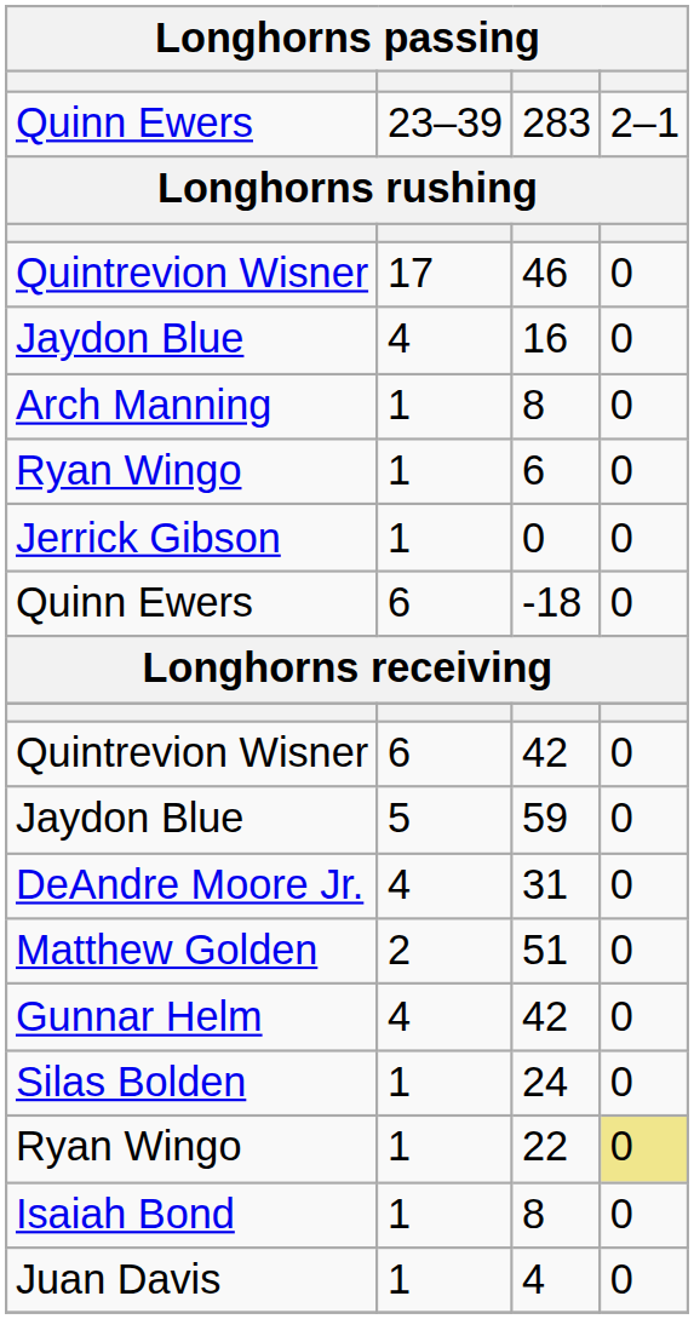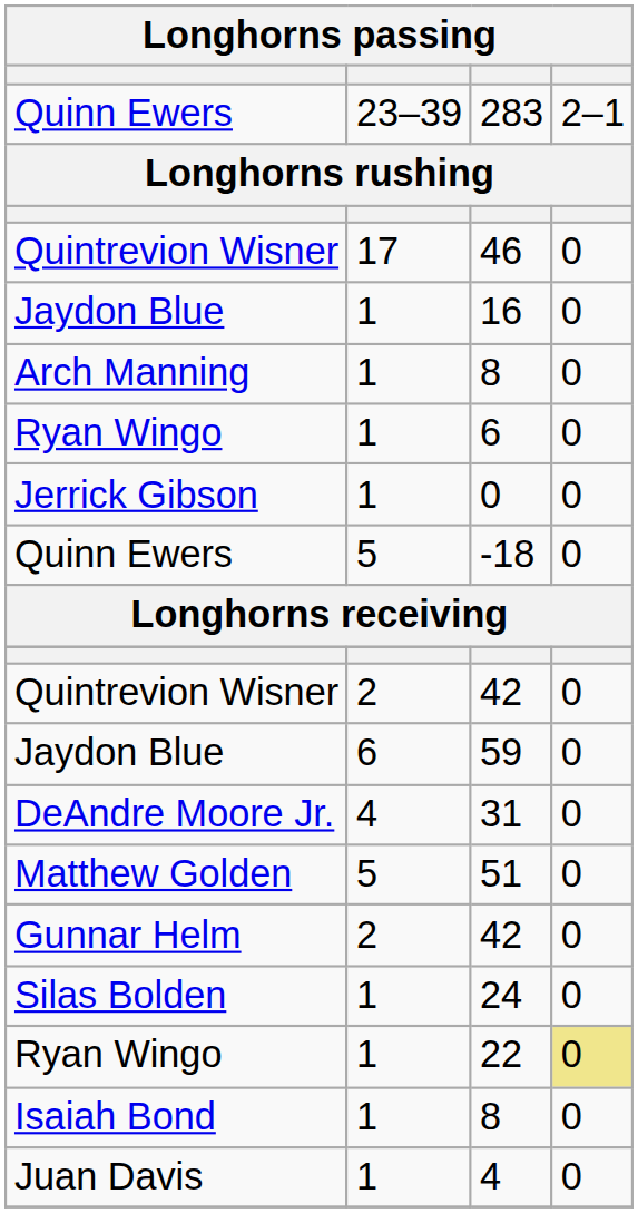 <table class="wikitable plainrowheaders">
 <tr>
 <th colspan="6">Longhorns passing</th>
 </tr>
 <tr>
 <th scope="col"></th>
 <th scope="col"></th>
 <th scope="col"></th>
 <th scope="col"></th>
 </tr>
 <tr>
 <td><a href='#'>Quinn Ewers</a></td>
 <td>23–39</td>
 <td>283</td>
 <td>2–1</td>
 </tr>
 <tr>
 <th colspan="6">Longhorns rushing</th>
 </tr>
 <tr>
 <th scope="col"></th>
 <th scope="col"></th>
 <th scope="col"></th>
 <th scope="col"></th>
 </tr>
 <tr>
 <td><a href='#'>Quintrevion Wisner</a></td>
 <td>17</td>
 <td>46</td>
 <td>0</td>
 </tr>
 <tr>
 <td><a href='#'>Jaydon Blue</a></td>
-<td>4</td>
+<td>1</td>
 <td>16</td>
 <td>0</td>
 </tr>
 <tr>
 <td><a href='#'>Arch Manning</a></td>
 <td>1</td>
 <td>8</td>
 <td>0</td>
 </tr>
 <tr>
 <td><a href='#'>Ryan Wingo</a></td>
 <td>1</td>
 <td>6</td>
 <td>0</td>
 </tr>
 <tr>
 <td><a href='#'>Jerrick Gibson</a></td>
 <td>1</td>
 <td>0</td>
 <td>0</td>
 </tr>
 <tr>
 <td>Quinn Ewers</td>
-<td>6</td>
+<td>5</td>
 <td>-18</td>
 <td>0</td>
 </tr>
 <tr>
 <th colspan="6">Longhorns receiving</th>
 </tr>
 <tr>
 </tr>
 <tr>
 <th scope="col"></th>
 <th scope="col"></th>
 <th scope="col"></th>
 <th scope="col"></th>
 </tr>
 <tr>
 <td>Quintrevion Wisner</td>
-<td>6</td>
+<td>2</td>
 <td>42</td>
 <td>0</td>
 </tr>
 <tr>
 <td>Jaydon Blue</td>
-<td>5</td>
+<td>6</td>
 <td>59</td>
 <td>0</td>
 </tr>
 <tr>
 <td><a href='#'>DeAndre Moore Jr.</a></td>
 <td>4</td>
 <td>31</td>
 <td>0</td>
 </tr>
 <tr>
 <td><a href='#'>Matthew Golden</a></td>
-<td>2</td>
+<td>5</td>
 <td>51</td>
 <td>0</td>
 </tr>
 <tr>
 <td><a href='#'>Gunnar Helm</a></td>
-<td>4</td>
+<td>2</td>
 <td>42</td>
 <td>0</td>
 </tr>
 <tr>
 <td><a href='#'>Silas Bolden</a></td>
 <td>1</td>
 <td>24</td>
 <td>0</td>
 </tr>
 <tr>
 <td>Ryan Wingo</td>
 <td>1</td>
 <td>22</td>
 <td style="background: khaki;">0</td>
 </tr>
 <tr>
 <td><a href='#'>Isaiah Bond</a></td>
 <td>1</td>
 <td>8</td>
 <td>0</td>
 </tr>
 <tr>
 <td>Juan Davis</td>
 <td>1</td>
 <td>4</td>
 <td>0</td>
 </tr>
 <tr>
 </tr>
 </table>
